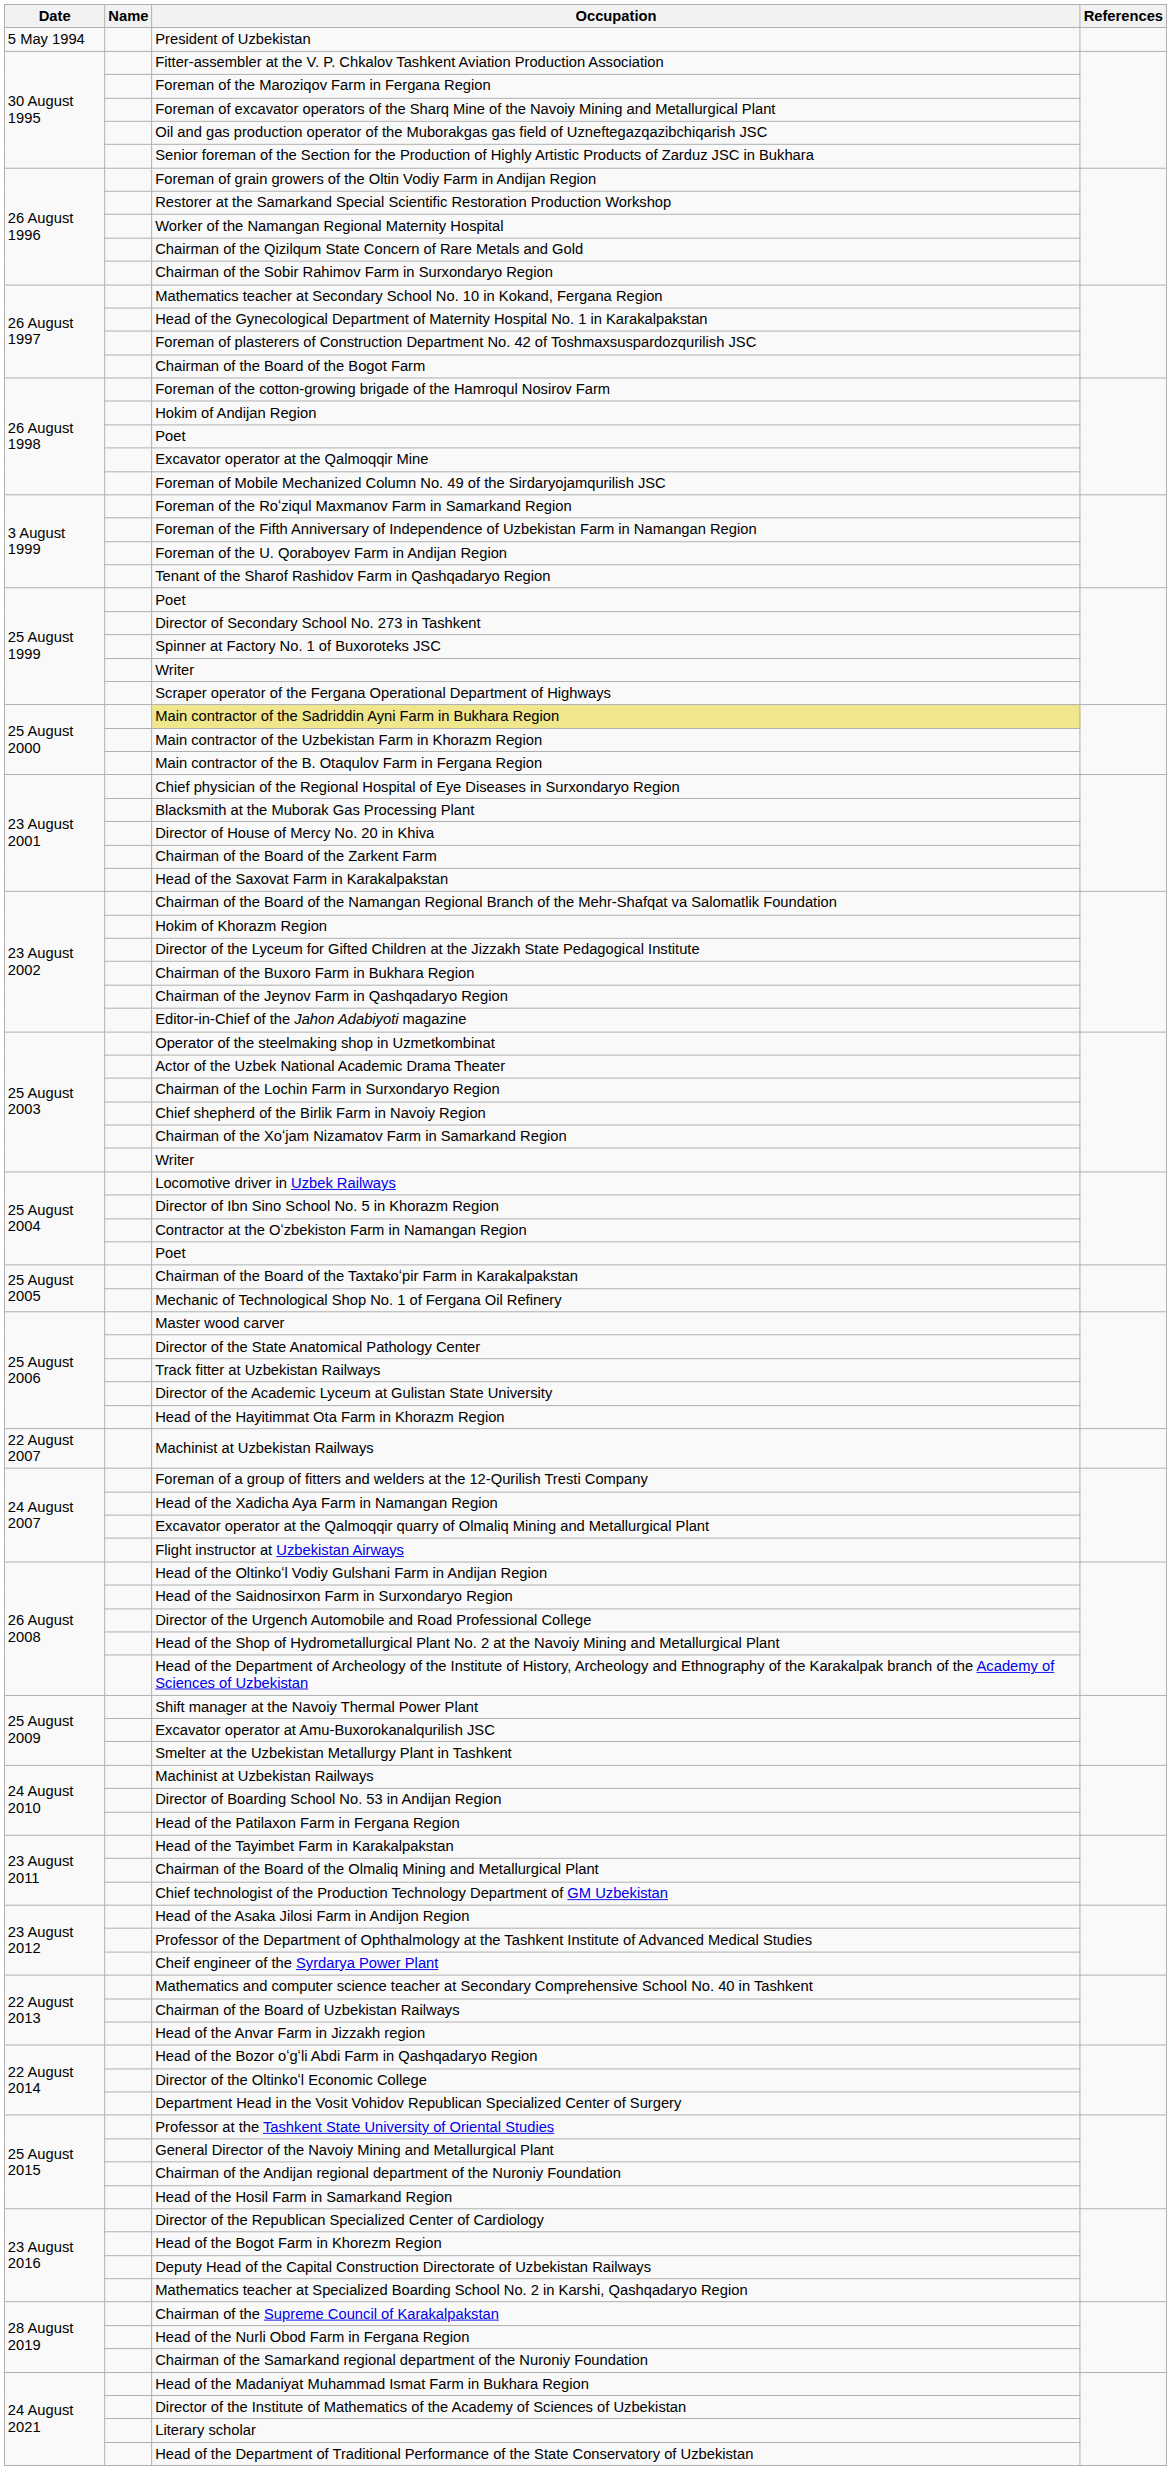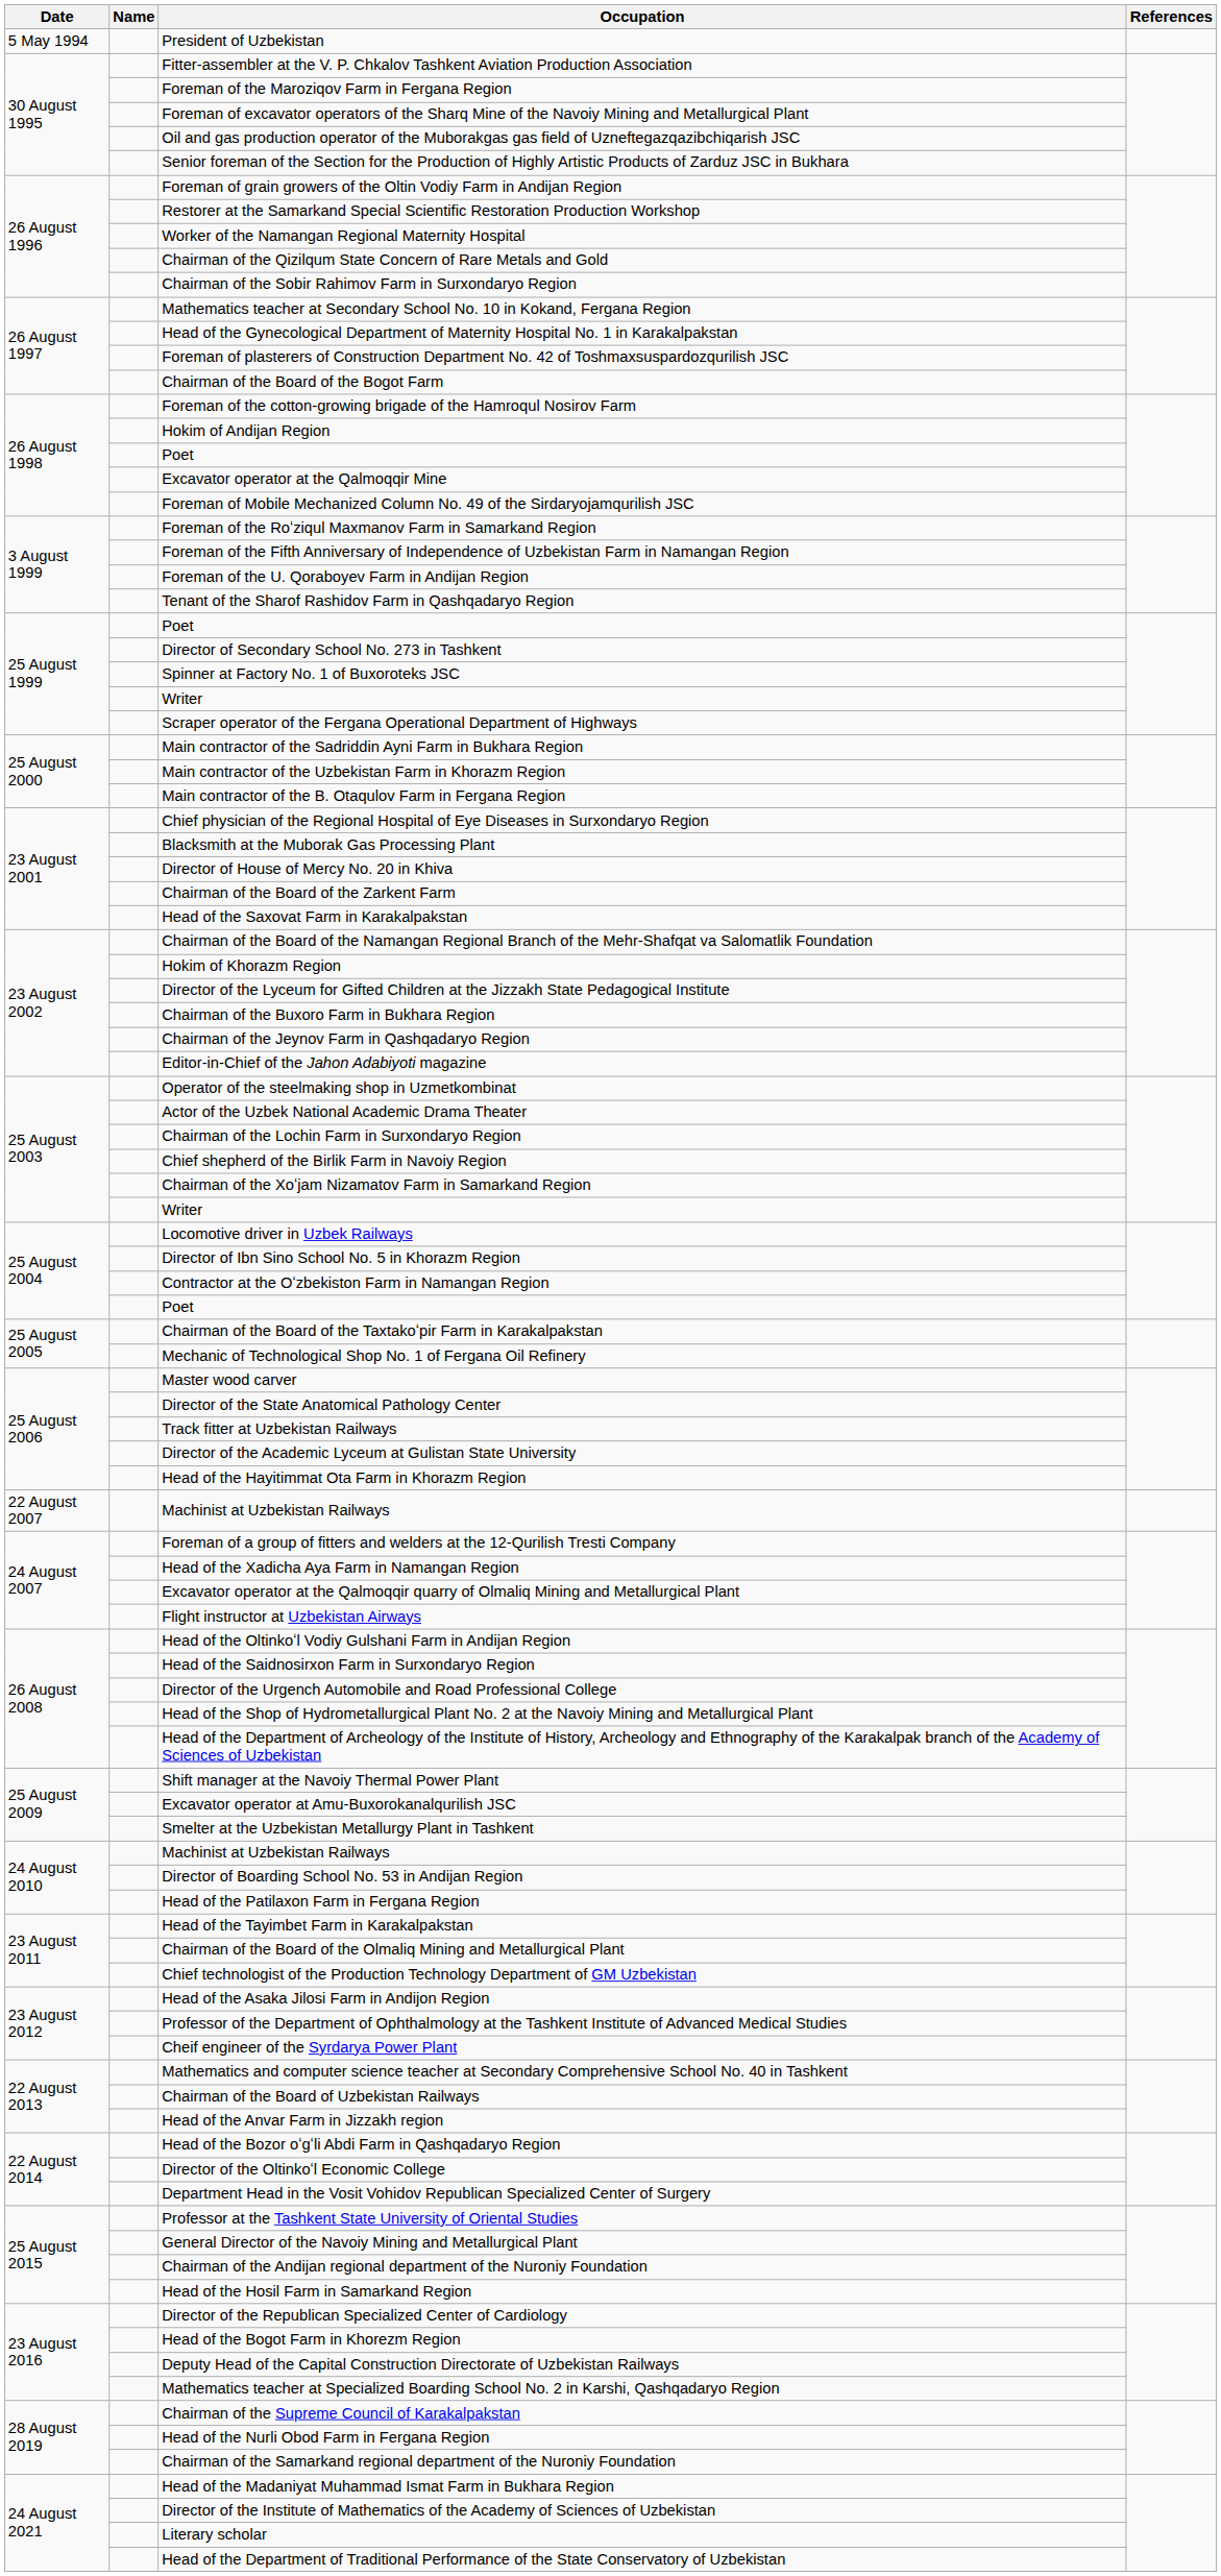 <table class="wikitable sortable" width="100%">
 <tr>
 <th>Date</th>
 <th>Name</th>
 <th>Occupation</th>
 <th>References</th>
 </tr>
 <tr>
 <td>5 May 1994</td>
 <td><strong></strong></td>
 <td>President of Uzbekistan</td>
 <td></td>
 </tr>
 <tr>
 <td rowspan="5">30 August 1995</td>
 <td><strong></strong></td>
 <td>Fitter-assembler at the V. P. Chkalov Tashkent Aviation Production Association</td>
 <td rowspan="5"></td>
 </tr>
 <tr>
 <td><strong></strong></td>
 <td>Foreman of the Maroziqov Farm in Fergana Region</td>
 </tr>
 <tr>
 <td><strong></strong></td>
 <td>Foreman of excavator operators of the Sharq Mine of the Navoiy Mining and Metallurgical Plant</td>
 </tr>
 <tr>
 <td><strong></strong></td>
 <td>Oil and gas production operator of the Muborakgas gas field of Uzneftegazqazibchiqarish JSC</td>
 </tr>
 <tr>
 <td><strong></strong></td>
 <td>Senior foreman of the Section for the Production of Highly Artistic Products of Zarduz JSC in Bukhara</td>
 </tr>
 <tr>
 <td rowspan="5">26 August 1996</td>
 <td><strong></strong></td>
 <td>Foreman of grain growers of the Oltin Vodiy Farm in Andijan Region</td>
 <td rowspan="5"></td>
 </tr>
 <tr>
 <td><strong></strong></td>
 <td>Restorer at the Samarkand Special Scientific Restoration Production Workshop</td>
 </tr>
 <tr>
 <td><strong></strong></td>
 <td>Worker of the Namangan Regional Maternity Hospital</td>
 </tr>
 <tr>
 <td><strong></strong></td>
 <td>Chairman of the Qizilqum State Concern of Rare Metals and Gold</td>
 </tr>
 <tr>
 <td><strong></strong></td>
 <td>Chairman of the Sobir Rahimov Farm in Surxondaryo Region</td>
 </tr>
 <tr>
 <td rowspan="4">26 August 1997</td>
 <td><strong></strong></td>
 <td>Mathematics teacher at Secondary School No. 10 in Kokand, Fergana Region</td>
 <td rowspan="4"></td>
 </tr>
 <tr>
 <td><strong></strong></td>
 <td>Head of the Gynecological Department of Maternity Hospital No. 1 in Karakalpakstan</td>
 </tr>
 <tr>
 <td><strong></strong></td>
 <td>Foreman of plasterers of Construction Department No. 42 of Toshmaxsuspardozqurilish JSC</td>
 </tr>
 <tr>
 <td><strong></strong></td>
 <td>Chairman of the Board of the Bogot Farm</td>
 </tr>
 <tr>
 <td rowspan="5">26 August 1998</td>
 <td><strong></strong></td>
 <td>Foreman of the cotton-growing brigade of the Hamroqul Nosirov Farm</td>
 <td rowspan="5"></td>
 </tr>
 <tr>
 <td><strong></strong></td>
 <td>Hokim of Andijan Region</td>
 </tr>
 <tr>
 <td><strong></strong></td>
 <td>Poet</td>
 </tr>
 <tr>
 <td><strong></strong></td>
 <td>Excavator operator at the Qalmoqqir Mine</td>
 </tr>
 <tr>
 <td><strong></strong></td>
 <td>Foreman of Mobile Mechanized Column No. 49 of the Sirdaryojamqurilish JSC</td>
 </tr>
 <tr>
 <td rowspan="4">3 August 1999</td>
 <td><strong></strong></td>
 <td>Foreman of the Roʻziqul Maxmanov Farm in Samarkand Region</td>
 <td rowspan="4"></td>
 </tr>
 <tr>
 <td><strong></strong></td>
 <td>Foreman of the Fifth Anniversary of Independence of Uzbekistan Farm in Namangan Region</td>
 </tr>
 <tr>
 <td><strong></strong></td>
 <td>Foreman of the U. Qoraboyev Farm in Andijan Region</td>
 </tr>
 <tr>
 <td><strong></strong></td>
 <td>Tenant of the Sharof Rashidov Farm in Qashqadaryo Region</td>
 </tr>
 <tr>
 <td rowspan="5">25 August 1999</td>
 <td><strong></strong></td>
 <td>Poet</td>
 <td rowspan="5"></td>
 </tr>
 <tr>
 <td><strong></strong></td>
 <td>Director of Secondary School No. 273 in Tashkent</td>
 </tr>
 <tr>
 <td><strong></strong></td>
 <td>Spinner at Factory No. 1 of Buxoroteks JSC</td>
 </tr>
 <tr>
 <td><strong></strong></td>
 <td>Writer</td>
 </tr>
 <tr>
 <td><strong></strong></td>
 <td>Scraper operator of the Fergana Operational Department of Highways</td>
 </tr>
 <tr>
 <td rowspan="3">25 August 2000</td>
 <td><strong></strong></td>
-<td style="background: khaki;">Main contractor of the Sadriddin Ayni Farm in Bukhara Region</td>
+<td>Main contractor of the Sadriddin Ayni Farm in Bukhara Region</td>
 <td rowspan="3"></td>
 </tr>
 <tr>
 <td><strong></strong></td>
 <td>Main contractor of the Uzbekistan Farm in Khorazm Region</td>
 </tr>
 <tr>
 <td><strong></strong></td>
 <td>Main contractor of the B. Otaqulov Farm in Fergana Region</td>
 </tr>
 <tr>
 <td rowspan="5">23 August 2001</td>
 <td><strong></strong></td>
 <td>Chief physician of the Regional Hospital of Eye Diseases in Surxondaryo Region</td>
 <td rowspan="5"></td>
 </tr>
 <tr>
 <td><strong></strong></td>
 <td>Blacksmith at the Muborak Gas Processing Plant</td>
 </tr>
 <tr>
 <td><strong></strong></td>
 <td>Director of House of Mercy No. 20 in Khiva</td>
 </tr>
 <tr>
 <td><strong></strong></td>
 <td>Chairman of the Board of the Zarkent Farm</td>
 </tr>
 <tr>
 <td><strong></strong></td>
 <td>Head of the Saxovat Farm in Karakalpakstan</td>
 </tr>
 <tr>
 <td rowspan="6">23 August 2002</td>
 <td><strong></strong></td>
 <td>Chairman of the Board of the Namangan Regional Branch of the Mehr-Shafqat va Salomatlik Foundation</td>
 <td rowspan="6"></td>
 </tr>
 <tr>
 <td><strong></strong></td>
 <td>Hokim of Khorazm Region</td>
 </tr>
 <tr>
 <td><strong></strong></td>
 <td>Director of the Lyceum for Gifted Children at the Jizzakh State Pedagogical Institute</td>
 </tr>
 <tr>
 <td><strong></strong></td>
 <td>Chairman of the Buxoro Farm in Bukhara Region</td>
 </tr>
 <tr>
 <td><strong></strong></td>
 <td>Chairman of the Jeynov Farm in Qashqadaryo Region</td>
 </tr>
 <tr>
 <td><strong></strong></td>
 <td>Editor-in-Chief of the <em>Jahon Adabiyoti</em> magazine</td>
 </tr>
 <tr>
 <td rowspan="6">25 August 2003</td>
 <td><strong></strong></td>
 <td>Operator of the steelmaking shop in Uzmetkombinat</td>
 <td rowspan="6"></td>
 </tr>
 <tr>
 <td><strong></strong></td>
 <td>Actor of the Uzbek National Academic Drama Theater</td>
 </tr>
 <tr>
 <td><strong></strong></td>
 <td>Chairman of the Lochin Farm in Surxondaryo Region</td>
 </tr>
 <tr>
 <td><strong></strong></td>
 <td>Chief shepherd of the Birlik Farm in Navoiy Region</td>
 </tr>
 <tr>
 <td><strong></strong></td>
 <td>Chairman of the Xoʻjam Nizamatov Farm in Samarkand Region</td>
 </tr>
 <tr>
 <td><strong></strong></td>
 <td>Writer</td>
 </tr>
 <tr>
 <td rowspan="4">25 August 2004</td>
 <td><strong></strong></td>
 <td>Locomotive driver in <a href='#'>Uzbek Railways</a></td>
 <td rowspan="4"></td>
 </tr>
 <tr>
 <td><strong></strong></td>
 <td>Director of Ibn Sino School No. 5 in Khorazm Region</td>
 </tr>
 <tr>
 <td><strong></strong></td>
 <td>Contractor at the Oʻzbekiston Farm in Namangan Region</td>
 </tr>
 <tr>
 <td><strong></strong></td>
 <td>Poet</td>
 </tr>
 <tr>
 <td rowspan="2">25 August 2005</td>
 <td><strong></strong></td>
 <td>Chairman of the Board of the Taxtakoʻpir Farm in Karakalpakstan</td>
 <td rowspan="2"></td>
 </tr>
 <tr>
 <td><strong></strong></td>
 <td>Mechanic of Technological Shop No. 1 of Fergana Oil Refinery</td>
 </tr>
 <tr>
 <td rowspan="5">25 August 2006</td>
 <td><strong></strong></td>
 <td>Master wood carver</td>
 <td rowspan="5"></td>
 </tr>
 <tr>
 <td><strong></strong></td>
 <td>Director of the State Anatomical Pathology Center</td>
 </tr>
 <tr>
 <td><strong></strong></td>
 <td>Track fitter at Uzbekistan Railways</td>
 </tr>
 <tr>
 <td><strong></strong></td>
 <td>Director of the Academic Lyceum at Gulistan State University</td>
 </tr>
 <tr>
 <td><strong></strong></td>
 <td>Head of the Hayitimmat Ota Farm in Khorazm Region</td>
 </tr>
 <tr>
 <td>22 August 2007</td>
 <td><strong></strong></td>
 <td>Machinist at Uzbekistan Railways</td>
 <td></td>
 </tr>
 <tr>
 <td rowspan="4">24 August 2007</td>
 <td><strong></strong></td>
 <td>Foreman of a group of fitters and welders at the 12-Qurilish Tresti Company</td>
 <td rowspan="4"></td>
 </tr>
 <tr>
 <td><strong></strong></td>
 <td>Head of the Xadicha Aya Farm in Namangan Region</td>
 </tr>
 <tr>
 <td><strong></strong></td>
 <td>Excavator operator at the Qalmoqqir quarry of Olmaliq Mining and Metallurgical Plant</td>
 </tr>
 <tr>
 <td><strong></strong></td>
 <td>Flight instructor at <a href='#'>Uzbekistan Airways</a></td>
 </tr>
 <tr>
 <td rowspan="5">26 August 2008</td>
 <td><strong></strong></td>
 <td>Head of the Oltinkoʻl Vodiy Gulshani Farm in Andijan Region</td>
 <td rowspan="5"></td>
 </tr>
 <tr>
 <td><strong></strong></td>
 <td>Head of the Saidnosirxon Farm in Surxondaryo Region</td>
 </tr>
 <tr>
 <td><strong></strong></td>
 <td>Director of the Urgench Automobile and Road Professional College</td>
 </tr>
 <tr>
 <td><strong></strong></td>
 <td>Head of the Shop of Hydrometallurgical Plant No. 2 at the Navoiy Mining and Metallurgical Plant</td>
 </tr>
 <tr>
 <td><strong></strong></td>
 <td>Head of the Department of Archeology of the Institute of History, Archeology and Ethnography of the Karakalpak branch of the <a href='#'>Academy of Sciences of Uzbekistan</a></td>
 </tr>
 <tr>
 <td rowspan="3">25 August 2009</td>
 <td><strong></strong></td>
 <td>Shift manager at the Navoiy Thermal Power Plant</td>
 <td rowspan="3"></td>
 </tr>
 <tr>
 <td><strong></strong></td>
 <td>Excavator operator at Amu-Buxorokanalqurilish JSC</td>
 </tr>
 <tr>
 <td><strong></strong></td>
 <td>Smelter at the Uzbekistan Metallurgy Plant in Tashkent</td>
 </tr>
 <tr>
 <td rowspan="3">24 August 2010</td>
 <td><strong></strong></td>
 <td>Machinist at Uzbekistan Railways</td>
 <td rowspan="3"></td>
 </tr>
 <tr>
 <td><strong></strong></td>
 <td>Director of Boarding School No. 53 in Andijan Region</td>
 </tr>
 <tr>
 <td><strong></strong></td>
 <td>Head of the Patilaxon Farm in Fergana Region</td>
 </tr>
 <tr>
 <td rowspan="3">23 August 2011</td>
 <td><strong></strong></td>
 <td>Head of the Tayimbet Farm in Karakalpakstan</td>
 <td rowspan="3"></td>
 </tr>
 <tr>
 <td><strong></strong></td>
 <td>Chairman of the Board of the Olmaliq Mining and Metallurgical Plant</td>
 </tr>
 <tr>
 <td><strong></strong></td>
 <td>Chief technologist of the Production Technology Department of <a href='#'>GM Uzbekistan</a></td>
 </tr>
 <tr>
 <td rowspan="3">23 August 2012</td>
 <td><strong></strong></td>
 <td>Head of the Asaka Jilosi Farm in Andijon Region</td>
 <td rowspan="3"></td>
 </tr>
 <tr>
 <td><strong></strong></td>
 <td>Professor of the Department of Ophthalmology at the Tashkent Institute of Advanced Medical Studies</td>
 </tr>
 <tr>
 <td><strong></strong></td>
 <td>Cheif engineer of the <a href='#'>Syrdarya Power Plant</a></td>
 </tr>
 <tr>
 <td rowspan="3">22 August 2013</td>
 <td><strong></strong></td>
 <td>Mathematics and computer science teacher at Secondary Comprehensive School No. 40 in Tashkent</td>
 <td rowspan="3"></td>
 </tr>
 <tr>
 <td><strong></strong></td>
 <td>Chairman of the Board of Uzbekistan Railways</td>
 </tr>
 <tr>
 <td><strong></strong></td>
 <td>Head of the Anvar Farm in Jizzakh region</td>
 </tr>
 <tr>
 <td rowspan="3">22 August 2014</td>
 <td><strong></strong></td>
 <td>Head of the Bozor oʻgʻli Abdi Farm in Qashqadaryo Region</td>
 <td rowspan="3"></td>
 </tr>
 <tr>
 <td><strong></strong></td>
 <td>Director of the Oltinkoʻl Economic College</td>
 </tr>
 <tr>
 <td><strong></strong></td>
 <td>Department Head in the Vosit Vohidov Republican Specialized Center of Surgery</td>
 </tr>
 <tr>
 <td rowspan="4">25 August 2015</td>
 <td><strong></strong></td>
 <td>Professor at the <a href='#'>Tashkent State University of Oriental Studies</a></td>
 <td rowspan="4"></td>
 </tr>
 <tr>
 <td><strong></strong></td>
 <td>General Director of the Navoiy Mining and Metallurgical Plant</td>
 </tr>
 <tr>
 <td><strong></strong></td>
 <td>Chairman of the Andijan regional department of the Nuroniy Foundation</td>
 </tr>
 <tr>
 <td><strong></strong></td>
 <td>Head of the Hosil Farm in Samarkand Region</td>
 </tr>
 <tr>
 <td rowspan="4">23 August 2016</td>
 <td><strong></strong></td>
 <td>Director of the Republican Specialized Center of Cardiology</td>
 <td rowspan="4"></td>
 </tr>
 <tr>
 <td><strong></strong></td>
 <td>Head of the Bogot Farm in Khorezm Region</td>
 </tr>
 <tr>
 <td><strong></strong></td>
 <td>Deputy Head of the Capital Construction Directorate of Uzbekistan Railways</td>
 </tr>
 <tr>
 <td><strong></strong></td>
 <td>Mathematics teacher at Specialized Boarding School No. 2 in Karshi, Qashqadaryo Region</td>
 </tr>
 <tr>
 <td rowspan="3">28 August 2019</td>
 <td><strong></strong></td>
 <td>Chairman of the <a href='#'>Supreme Council of Karakalpakstan</a></td>
 <td rowspan="3"></td>
 </tr>
 <tr>
 <td><strong></strong></td>
 <td>Head of the Nurli Obod Farm in Fergana Region</td>
 </tr>
 <tr>
 <td><strong></strong></td>
 <td>Chairman of the Samarkand regional department of the Nuroniy Foundation</td>
 </tr>
 <tr>
 <td rowspan="4">24 August 2021</td>
 <td><strong></strong></td>
 <td>Head of the Madaniyat Muhammad Ismat Farm in Bukhara Region</td>
 <td rowspan="4"></td>
 </tr>
 <tr>
 <td><strong></strong></td>
 <td>Director of the Institute of Mathematics of the Academy of Sciences of Uzbekistan</td>
 </tr>
 <tr>
 <td><strong></strong></td>
 <td>Literary scholar</td>
 </tr>
 <tr>
 <td><strong></strong></td>
 <td>Head of the Department of Traditional Performance of the State Conservatory of Uzbekistan</td>
 </tr>
 </table>
